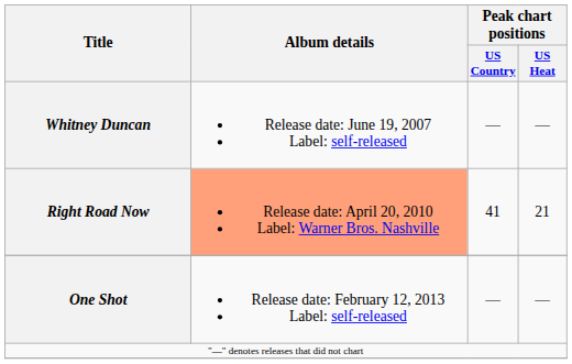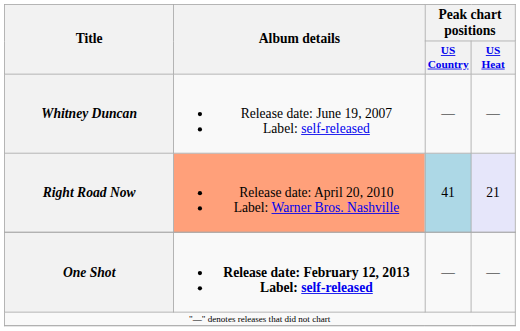 <table class="wikitable plainrowheaders" style="text-align:center;">
 <tr>
 <th rowspan="2" style="width:12em;">Title</th>
 <th rowspan="2" style="width:18em;">Album details</th>
 <th colspan="2">Peak chart<br>positions</th>
 </tr>
 <tr style="font-size:smaller;">
 <th width="45"><a href='#'>US Country</a></th>
 <th width="45"><a href='#'>US Heat</a></th>
 </tr>
 <tr>
 <th scope="row"><em>Whitney Duncan</em></th>
 <td><br><ul><li>Release date: June 19, 2007</li><li>Label: <a href='#'>self-released</a></li></ul></td>
 <td>—</td>
 <td>—</td>
 </tr>
 <tr>
 <th scope="row"><em>Right Road Now</em></th>
 <td style="background: lightsalmon;"><br><ul><li>Release date: April 20, 2010</li><li>Label: <a href='#'>Warner Bros. Nashville</a></li></ul></td>
-<td>41</td>
-<td>21</td>
+<td style="background: lightblue;">41</td>
+<td style="background: lavender;">21</td>
 </tr>
 <tr>
 </tr>
 <tr>
 <th scope="row"><em>One Shot</em></th>
-<td><br><ul><li>Release date: February 12, 2013</li><li>Label: <a href='#'>self-released</a></li></ul></td>
+<td><strong><br><ul><li>Release date: February 12, 2013</li><li>Label: <a href='#'>self-released</a></li></ul></strong></td>
 <td>—</td>
 <td>—</td>
 </tr>
 <tr>
 <td colspan="4" style="font-size:8pt">"—" denotes releases that did not chart</td>
 </tr>
 <tr>
 </tr>
 </table>
